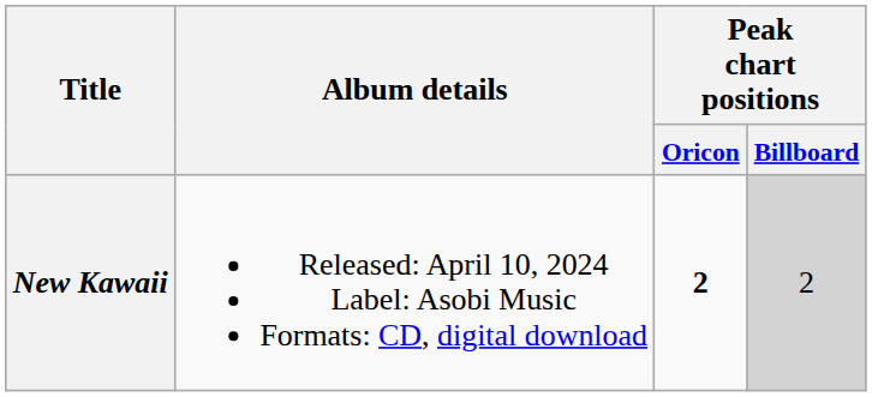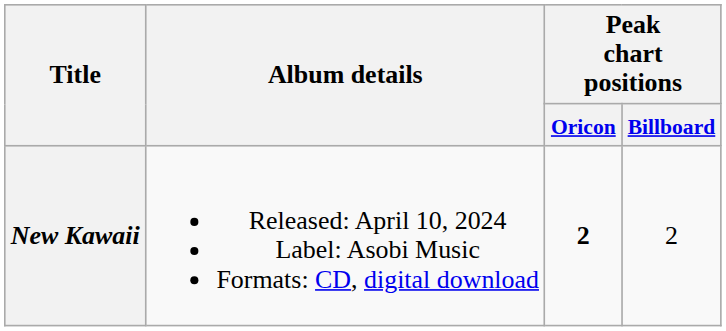 <table class="wikitable plainrowheaders" style="text-align:center;">
 <tr>
 <th scope="col" rowspan="2">Title</th>
 <th scope="col" rowspan="2">Album details</th>
 <th scope="col" colspan="2">Peak <br> chart <br> positions</th>
 </tr>
 <tr>
 <th scope="col"><small><a href='#'>Oricon</a></small><br></th>
 <th scope="col" colspan="1"><small><a href='#'>Billboard</a></small><br></th>
 </tr>
 <tr>
 <th scope="row"><em>New Kawaii</em></th>
 <td><br><ul><li>Released: April 10, 2024</li><li>Label: Asobi Music</li><li>Formats: <a href='#'>CD</a>, <a href='#'>digital download</a></li></ul></td>
 <td><strong>2</strong></td>
-<td style="background: lightgrey;">2</td>
+<td>2</td>
 </tr>
 </table>
